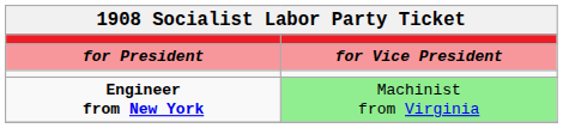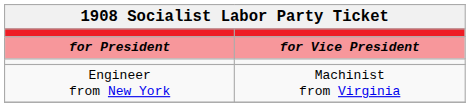 <table class="wikitable" style="font-size:90%; text-align:center;">
 <tr>
 <td style="background:#f1f1f1;" colspan="30"><big><strong>1908 Socialist Labor Party Ticket</strong></big></td>
 </tr>
 <tr>
 <th style="width:3em; font-size:135%; background:#EE1C25; width:200px;"><a href='#'></a></th>
 <th style="width:3em; font-size:135%; background:#EE1C25; width:200px;"><a href='#'></a></th>
 </tr>
 <tr style="color:#000; font-size:100%; background:#f7979b;">
 <td style="width:3em; width:200px;"><strong><em>for President</em></strong></td>
 <td style="width:3em; width:200px;"><strong><em>for Vice President</em></strong></td>
 </tr>
 <tr>
 <td></td>
 <td></td>
 </tr>
 <tr>
-<td><strong>Engineer<br>from <a href='#'>New York</a></strong></td>
-<td style="background: lightgreen;">Machinist<br>from <a href='#'>Virginia</a></td>
+<td>Engineer<br>from <a href='#'>New York</a></td>
+<td>Machinist<br>from <a href='#'>Virginia</a></td>
 </tr>
 <tr>
 </tr>
 </table>
